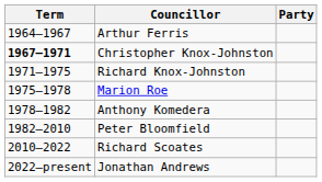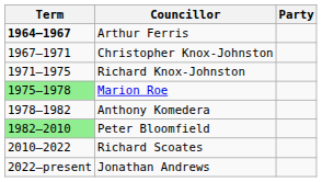 <table class="wikitable">
 <tr>
 <th>Term</th>
 <th>Councillor</th>
 <th colspan=2>Party</th>
 </tr>
 <tr>
-<td>1964–1967</td>
+<td><strong>1964–1967</strong></td>
 <td>Arthur Ferris</td>
 <td></td>
 </tr>
 <tr>
-<td><strong>1967–1971</strong></td>
+<td>1967–1971</td>
 <td>Christopher Knox-Johnston</td>
 <td></td>
 </tr>
 <tr>
 <td>1971–1975</td>
 <td>Richard Knox-Johnston</td>
 <td></td>
 </tr>
 <tr>
-<td>1975–1978</td>
+<td style="background: lightgreen;">1975–1978</td>
 <td><a href='#'>Marion Roe</a></td>
 <td></td>
 </tr>
 <tr>
 <td>1978–1982</td>
 <td>Anthony Komedera</td>
 <td></td>
 </tr>
 <tr>
-<td>1982–2010</td>
+<td style="background: lightgreen;">1982–2010</td>
 <td>Peter Bloomfield</td>
 <td></td>
 </tr>
 <tr>
 <td>2010–2022</td>
 <td>Richard Scoates</td>
 <td></td>
 </tr>
 <tr>
 <td>2022–present</td>
 <td>Jonathan Andrews</td>
 <td></td>
 </tr>
 </table>
